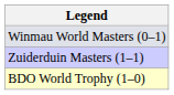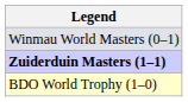 <table class="wikitable">
 <tr>
 <th>Legend</th>
 </tr>
 <tr style="background:#dfe2e9;">
 <td>Winmau World Masters (0–1)</td>
 </tr>
 <tr style="background:#ccf;">
-<td>Zuiderduin Masters (1–1)</td>
+<td><strong>Zuiderduin Masters (1–1)</strong></td>
 </tr>
 <tr style="background:#ffc;">
 <td>BDO World Trophy (1–0)</td>
 </tr>
 </table>
